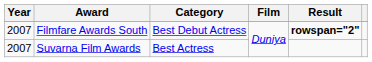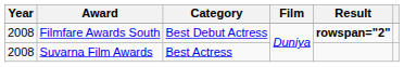 <table class="wikitable">
 <tr>
 <th>Year</th>
 <th>Award</th>
 <th>Category</th>
 <th>Film</th>
 <th>Result</th>
 <th class="unsortable"></th>
 </tr>
 <tr>
 </tr>
 <tr>
-<td>2007</td>
+<td>2008</td>
 <td><a href='#'>Filmfare Awards South</a></td>
 <td><a href='#'>Best Debut Actress</a></td>
 <td rowspan="2"><em><a href='#'>Duniya</a></em></td>
 <td><strong>rowspan="2" </strong></td>
 <td></td>
 </tr>
 <tr>
-<td>2007</td>
+<td>2008</td>
 <td><a href='#'>Suvarna Film Awards</a></td>
 <td><a href='#'>Best Actress</a></td>
 <td></td>
 </tr>
 </table>
